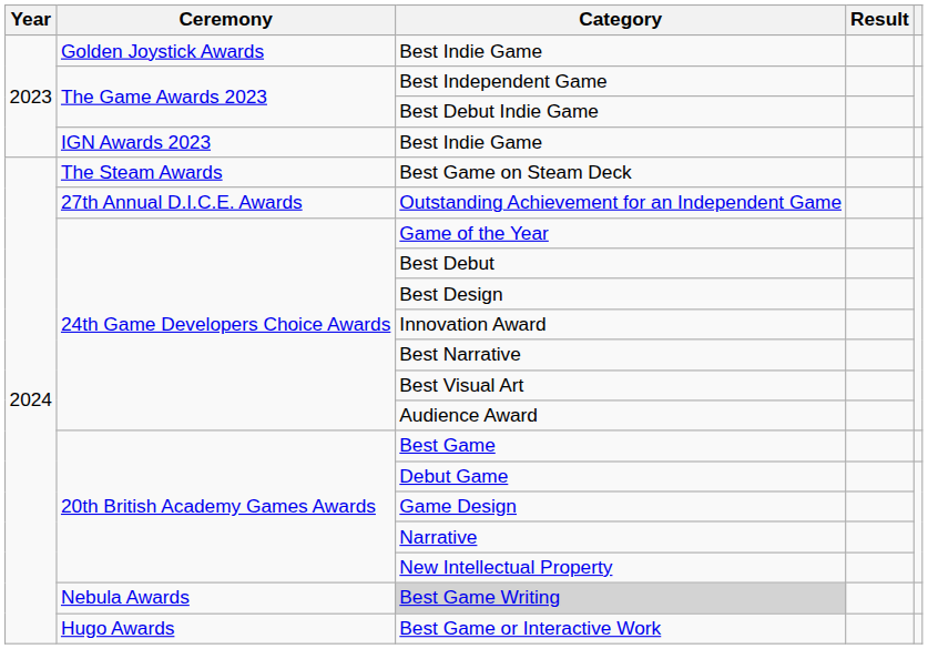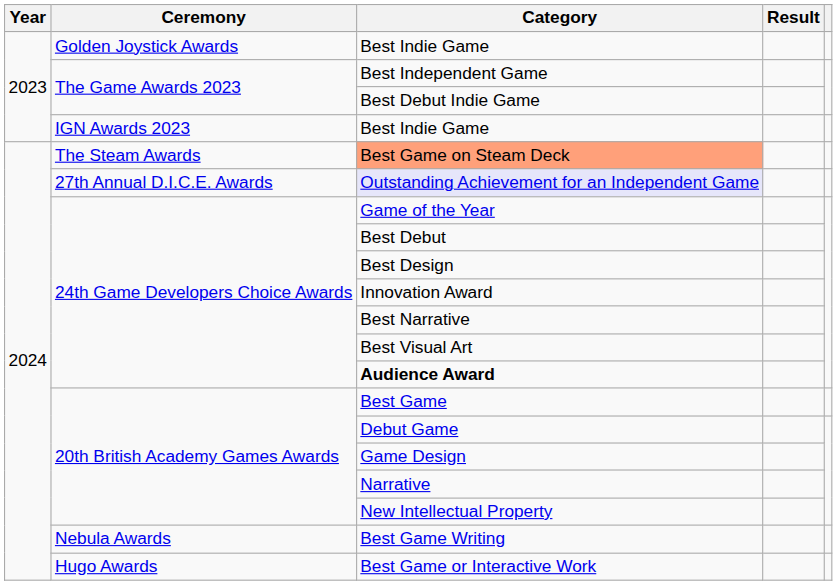 <table class="wikitable plainrowheaders sortable" width="auto">
 <tr>
 <th scope="col">Year</th>
 <th scope="col">Ceremony</th>
 <th scope="col">Category</th>
 <th scope="col">Result</th>
 <th scope="col" class="unsortable"></th>
 </tr>
 <tr>
 <td rowspan="4" style="text-align:center;">2023</td>
 <td><a href='#'>Golden Joystick Awards</a></td>
 <td>Best Indie Game</td>
 <td></td>
 <td style="text-align:center;"></td>
 </tr>
 <tr>
 <td rowspan="2"><a href='#'>The Game Awards 2023</a></td>
 <td>Best Independent Game</td>
 <td></td>
 <td style="text-align:center;" rowspan="2"></td>
 </tr>
 <tr>
 <td>Best Debut Indie Game</td>
 <td></td>
 </tr>
 <tr>
 <td><a href='#'>IGN Awards 2023</a></td>
 <td>Best Indie Game</td>
 <td></td>
 <td></td>
 </tr>
 <tr>
 <td rowspan="16" style="text-align:center;">2024</td>
 <td><a href='#'>The Steam Awards</a></td>
-<td>Best Game on Steam Deck</td>
+<td style="background: lightsalmon;">Best Game on Steam Deck</td>
 <td></td>
 <td style="text-align:center;"></td>
 </tr>
 <tr>
 <td><a href='#'>27th Annual D.I.C.E. Awards</a></td>
-<td><a href='#'>Outstanding Achievement for an Independent Game</a></td>
+<td style="background: lavender;"><a href='#'>Outstanding Achievement for an Independent Game</a></td>
 <td></td>
 <td style="text-align:center;"></td>
 </tr>
 <tr>
 <td rowspan="7"><a href='#'>24th Game Developers Choice Awards</a></td>
 <td><a href='#'>Game of the Year</a></td>
 <td></td>
 <td style="text-align:center;" rowspan="7"></td>
 </tr>
 <tr>
 <td>Best Debut</td>
 <td></td>
 </tr>
 <tr>
 <td>Best Design</td>
 <td></td>
 </tr>
 <tr>
 <td>Innovation Award</td>
 <td></td>
 </tr>
 <tr>
 <td>Best Narrative</td>
 <td></td>
 </tr>
 <tr>
 <td>Best Visual Art</td>
 <td></td>
 </tr>
 <tr>
-<td>Audience Award</td>
+<td><strong>Audience Award</strong></td>
 <td></td>
 </tr>
 <tr>
 <td rowspan="5"><a href='#'>20th British Academy Games Awards</a></td>
 <td><a href='#'>Best Game</a></td>
 <td></td>
 <td style="text-align:center;"></td>
 </tr>
 <tr>
 <td><a href='#'>Debut Game</a></td>
 <td></td>
 <td rowspan="4" style="text-align:center;"></td>
 </tr>
 <tr>
 <td><a href='#'>Game Design</a></td>
 <td></td>
 </tr>
 <tr>
 <td><a href='#'>Narrative</a></td>
 <td></td>
 </tr>
 <tr>
 <td><a href='#'>New Intellectual Property</a></td>
 <td></td>
 </tr>
 <tr>
 <td><a href='#'>Nebula Awards</a></td>
-<td style="background: lightgrey;"><a href='#'>Best Game Writing</a></td>
+<td><a href='#'>Best Game Writing</a></td>
 <td></td>
 <td style="text-align:center;"></td>
 </tr>
 <tr>
 <td><a href='#'>Hugo Awards</a></td>
 <td><a href='#'>Best Game or Interactive Work</a></td>
 <td></td>
 <td style="text-align:center;" rowspan="1"></td>
 </tr>
 </table>
